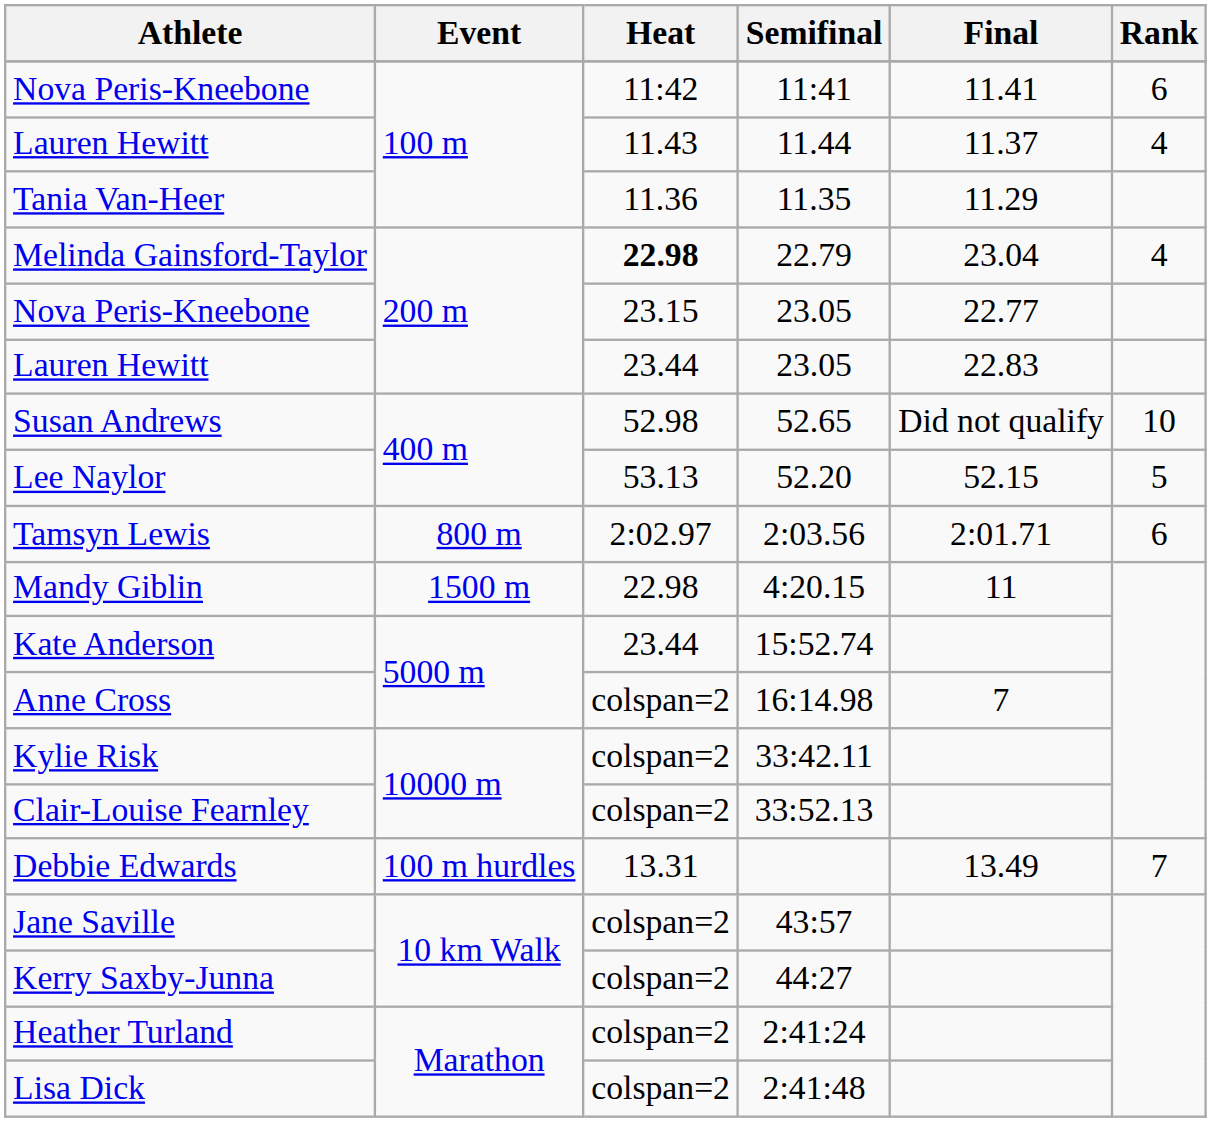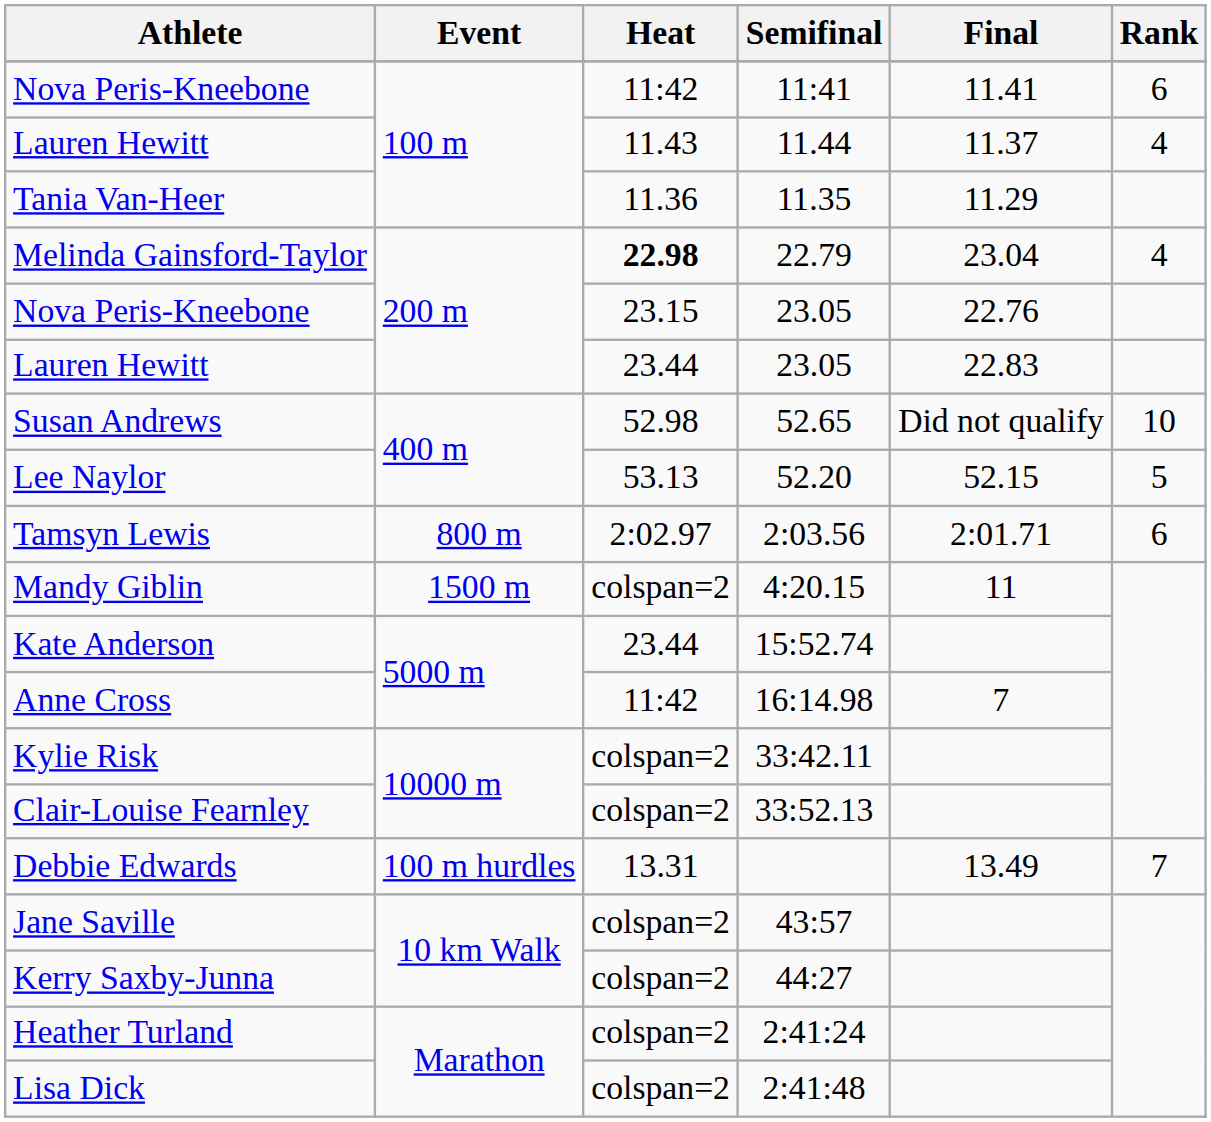 <table class="wikitable" style="font-size:90%">
 <tr>
 <th colspan=1>Athlete</th>
 <th colspan=1>Event</th>
 <th colspan=1>Heat</th>
 <th colspan=1>Semifinal</th>
 <th colspan=1>Final</th>
 <th colspan=1>Rank</th>
 </tr>
 <tr style="font-size:95%">
 </tr>
 <tr align=center>
 <td align=left><a href='#'>Nova Peris-Kneebone</a></td>
 <td align=left rowspan=3><a href='#'>100 m</a></td>
 <td>11:42</td>
 <td>11:41</td>
 <td>11.41</td>
 <td>6</td>
 </tr>
 <tr align=center>
 <td align=left><a href='#'>Lauren Hewitt</a></td>
 <td>11.43</td>
 <td>11.44</td>
 <td>11.37</td>
 <td>4</td>
 </tr>
 <tr align=center>
 <td align=left><a href='#'>Tania Van-Heer</a></td>
 <td>11.36</td>
 <td>11.35</td>
 <td>11.29</td>
 <td></td>
 </tr>
 <tr align=center>
 <td align=left><a href='#'>Melinda Gainsford-Taylor</a></td>
 <td align=left rowspan=3><a href='#'>200 m</a></td>
 <td><strong>22.98</strong></td>
 <td>22.79</td>
 <td>23.04</td>
 <td>4</td>
 </tr>
 <tr align=center>
 <td align=left><a href='#'>Nova Peris-Kneebone</a></td>
 <td>23.15</td>
 <td>23.05</td>
-<td>22.77</td>
+<td>22.76</td>
 <td></td>
 </tr>
 <tr align=center>
 <td align=left><a href='#'>Lauren Hewitt</a></td>
 <td>23.44</td>
 <td>23.05</td>
 <td>22.83</td>
 <td></td>
 </tr>
 <tr align=center>
 <td align=left><a href='#'>Susan Andrews</a></td>
 <td align=left rowspan=2><a href='#'>400 m</a></td>
 <td>52.98</td>
 <td>52.65</td>
 <td>Did not qualify</td>
 <td>10</td>
 </tr>
 <tr align=center>
 <td align=left><a href='#'>Lee Naylor</a></td>
 <td>53.13</td>
 <td>52.20</td>
 <td>52.15</td>
 <td>5</td>
 </tr>
 <tr align=center>
 <td align=left><a href='#'>Tamsyn Lewis</a></td>
 <td><a href='#'>800 m</a></td>
 <td>2:02.97</td>
 <td>2:03.56</td>
 <td>2:01.71</td>
 <td>6</td>
 </tr>
 <tr align=center>
 <td align=left><a href='#'>Mandy Giblin</a></td>
 <td><a href='#'>1500 m</a></td>
-<td>22.98</td>
+<td>colspan=2 </td>
 <td>4:20.15</td>
 <td>11</td>
 </tr>
 <tr align=center>
 <td align=left><a href='#'>Kate Anderson</a></td>
 <td align=left rowspan=2><a href='#'>5000 m</a></td>
 <td>23.44</td>
 <td>15:52.74</td>
 <td></td>
 </tr>
 <tr align=center>
 <td align=left><a href='#'>Anne Cross</a></td>
-<td>colspan=2 </td>
+<td>11:42</td>
 <td>16:14.98</td>
 <td>7</td>
 </tr>
 <tr align=center>
 <td align=left><a href='#'>Kylie Risk</a></td>
 <td align=left rowspan=2><a href='#'>10000 m</a></td>
 <td>colspan=2 </td>
 <td>33:42.11</td>
 <td></td>
 </tr>
 <tr align=center>
 <td align=left><a href='#'>Clair-Louise Fearnley</a></td>
 <td>colspan=2 </td>
 <td>33:52.13</td>
 <td></td>
 </tr>
 <tr align=center>
 <td align=left><a href='#'>Debbie Edwards</a></td>
 <td><a href='#'>100 m hurdles</a></td>
 <td>13.31</td>
 <td></td>
 <td>13.49</td>
 <td>7</td>
 </tr>
 <tr align=center>
 <td align=left><a href='#'>Jane Saville</a></td>
 <td rowspan=2><a href='#'>10 km Walk</a></td>
 <td>colspan=2 </td>
 <td>43:57</td>
 <td></td>
 </tr>
 <tr align=center>
 <td align=left><a href='#'>Kerry Saxby-Junna</a></td>
 <td>colspan=2 </td>
 <td>44:27</td>
 <td></td>
 </tr>
 <tr align=center>
 <td align=left><a href='#'>Heather Turland</a></td>
 <td rowspan=2><a href='#'>Marathon</a></td>
 <td>colspan=2 </td>
 <td>2:41:24</td>
 <td></td>
 </tr>
 <tr align=center>
 <td align=left><a href='#'>Lisa Dick</a></td>
 <td>colspan=2 </td>
 <td>2:41:48</td>
 <td></td>
 </tr>
 </table>
